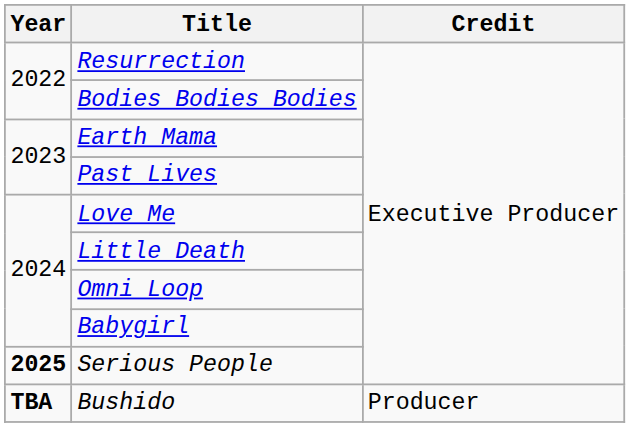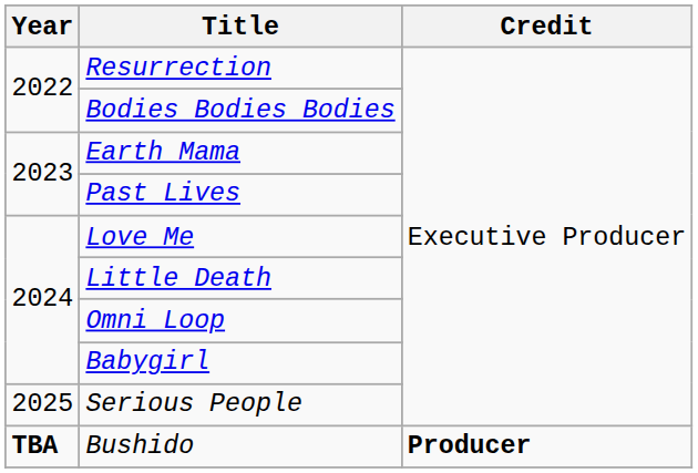 <table class="wikitable">
 <tr>
 <th>Year</th>
 <th>Title</th>
 <th>Credit</th>
 </tr>
 <tr>
 <td rowspan="2">2022</td>
 <td><em><a href='#'>Resurrection</a></em></td>
 <td rowspan="9">Executive Producer</td>
 </tr>
 <tr>
 <td><em><a href='#'>Bodies Bodies Bodies</a></em></td>
 </tr>
 <tr>
 <td rowspan="2">2023</td>
 <td><em><a href='#'>Earth Mama</a></em></td>
 </tr>
 <tr>
 <td><em><a href='#'>Past Lives</a></em></td>
 </tr>
 <tr>
 <td rowspan="4">2024</td>
 <td><em><a href='#'>Love Me</a></em></td>
 </tr>
 <tr>
 <td><em><a href='#'>Little Death</a></em></td>
 </tr>
 <tr>
 <td><em><a href='#'>Omni Loop</a></em></td>
 </tr>
 <tr>
 <td><em><a href='#'>Babygirl</a></em></td>
 </tr>
 <tr>
-<td><strong>2025</strong></td>
+<td>2025</td>
 <td><em>Serious People</em></td>
 </tr>
 <tr>
 <td><strong>TBA</strong></td>
 <td><em>Bushido</em></td>
-<td>Producer</td>
+<td><strong>Producer</strong></td>
 </tr>
 </table>
